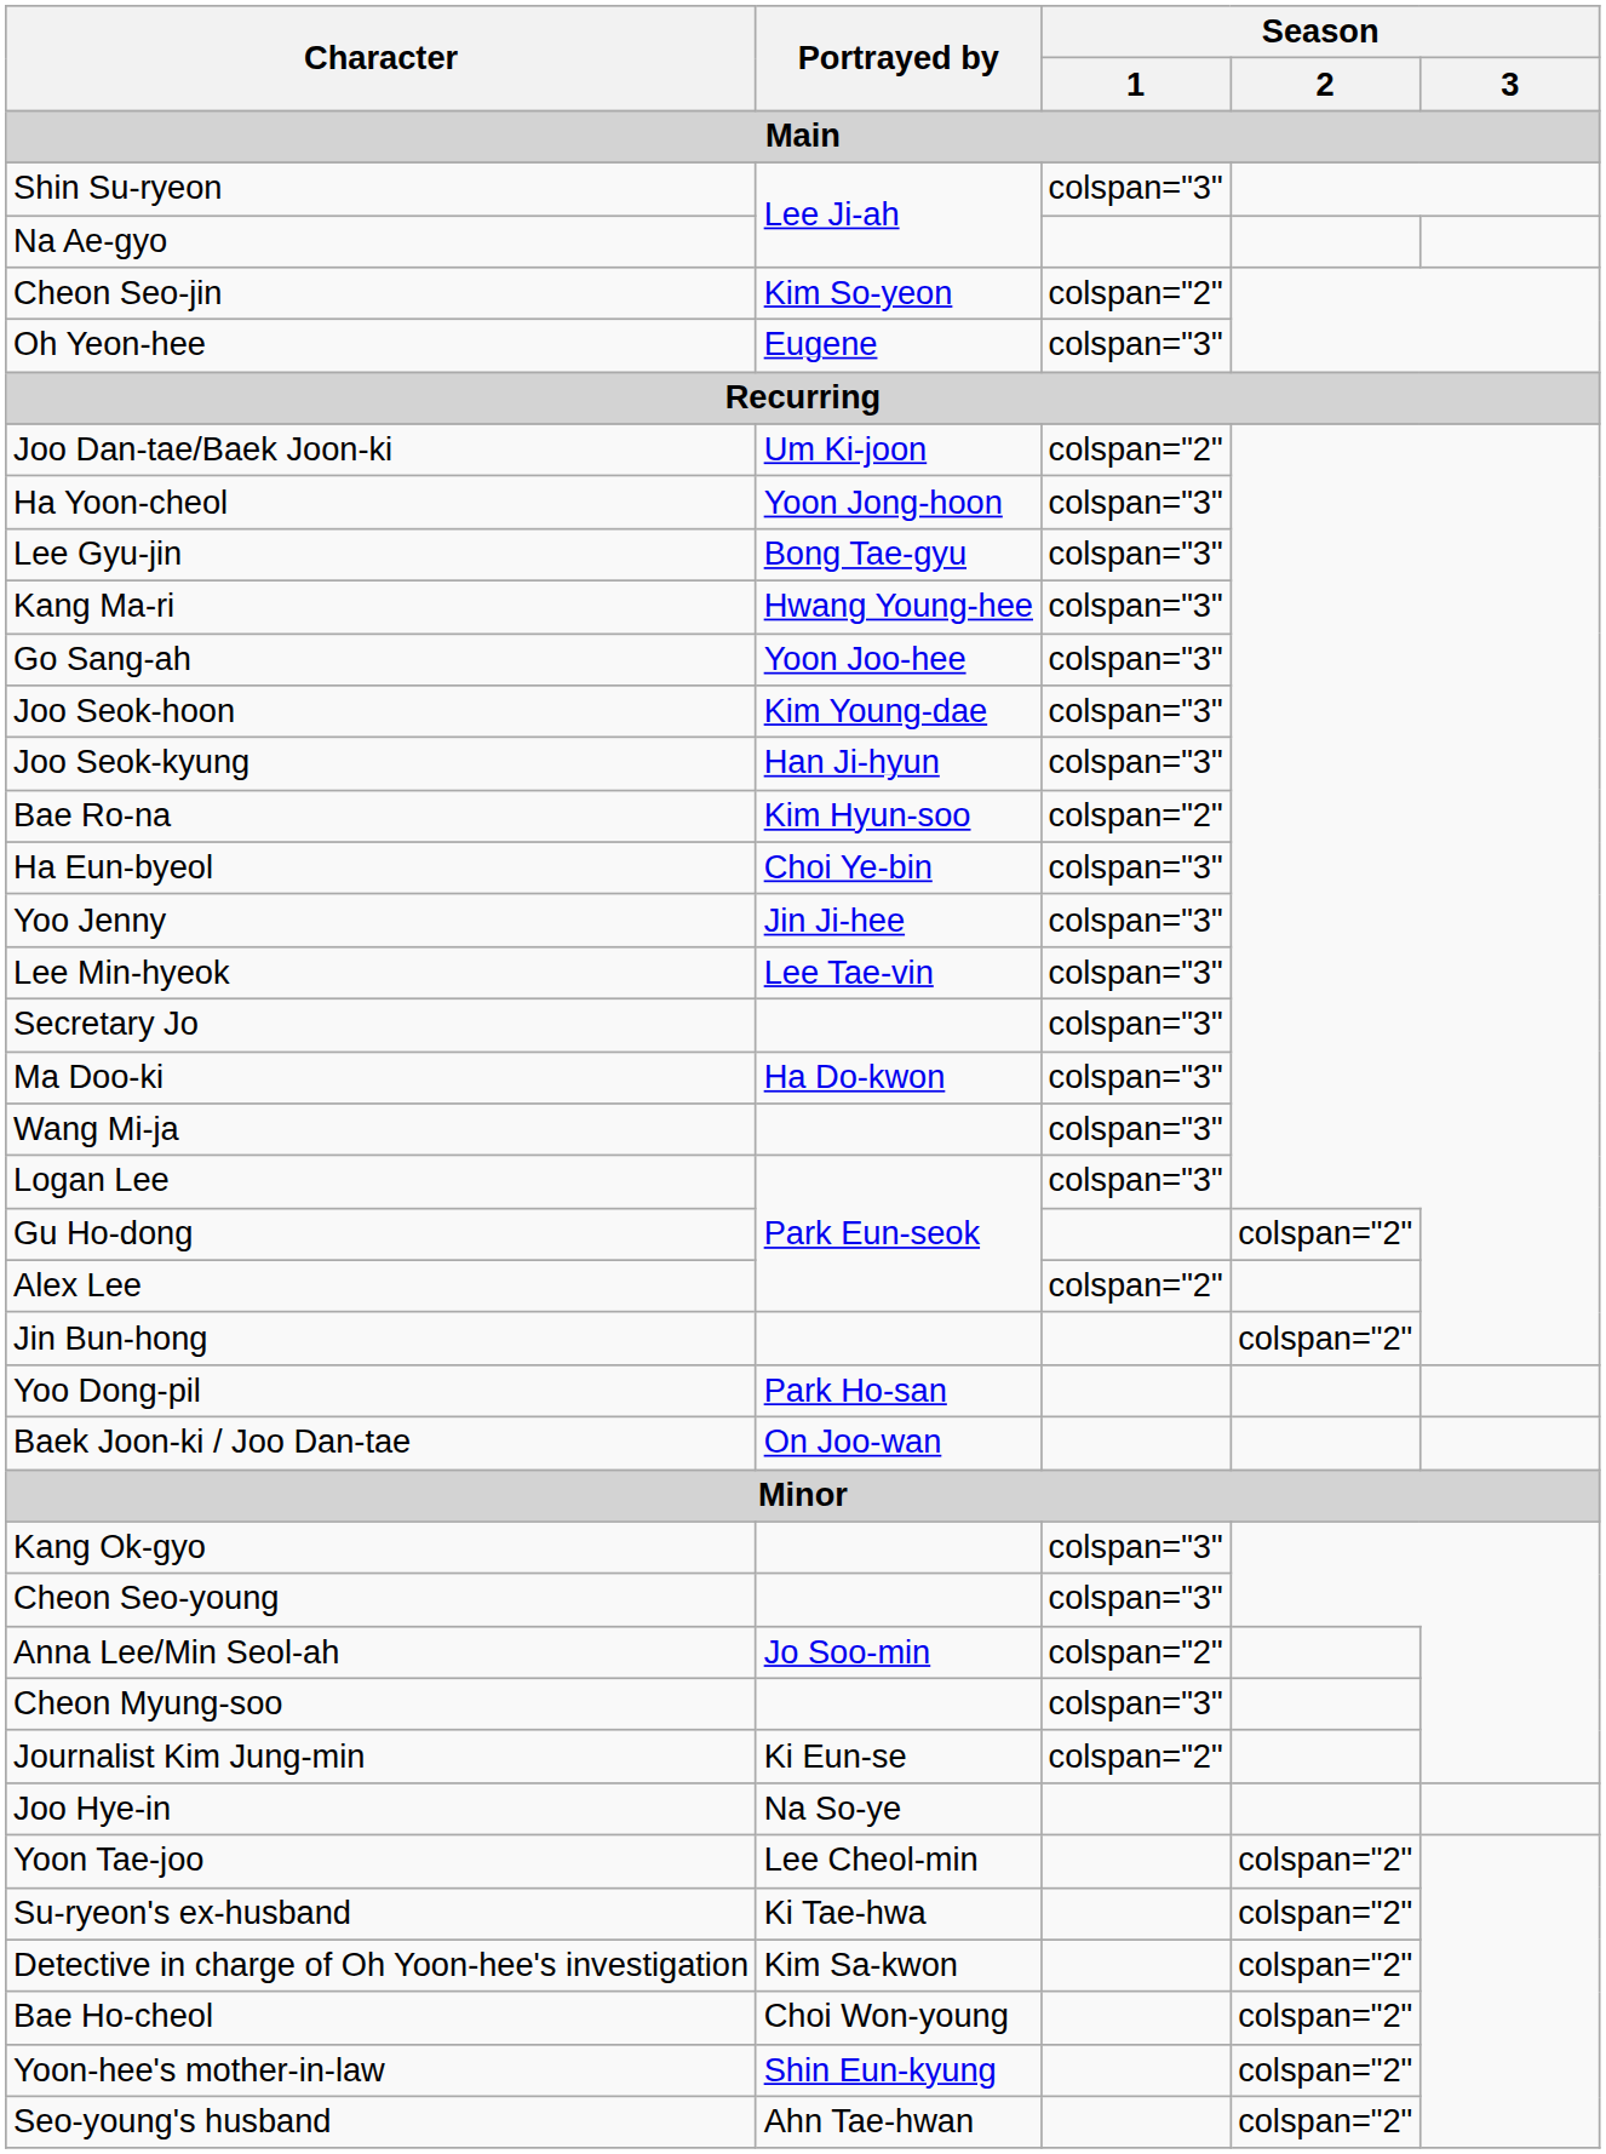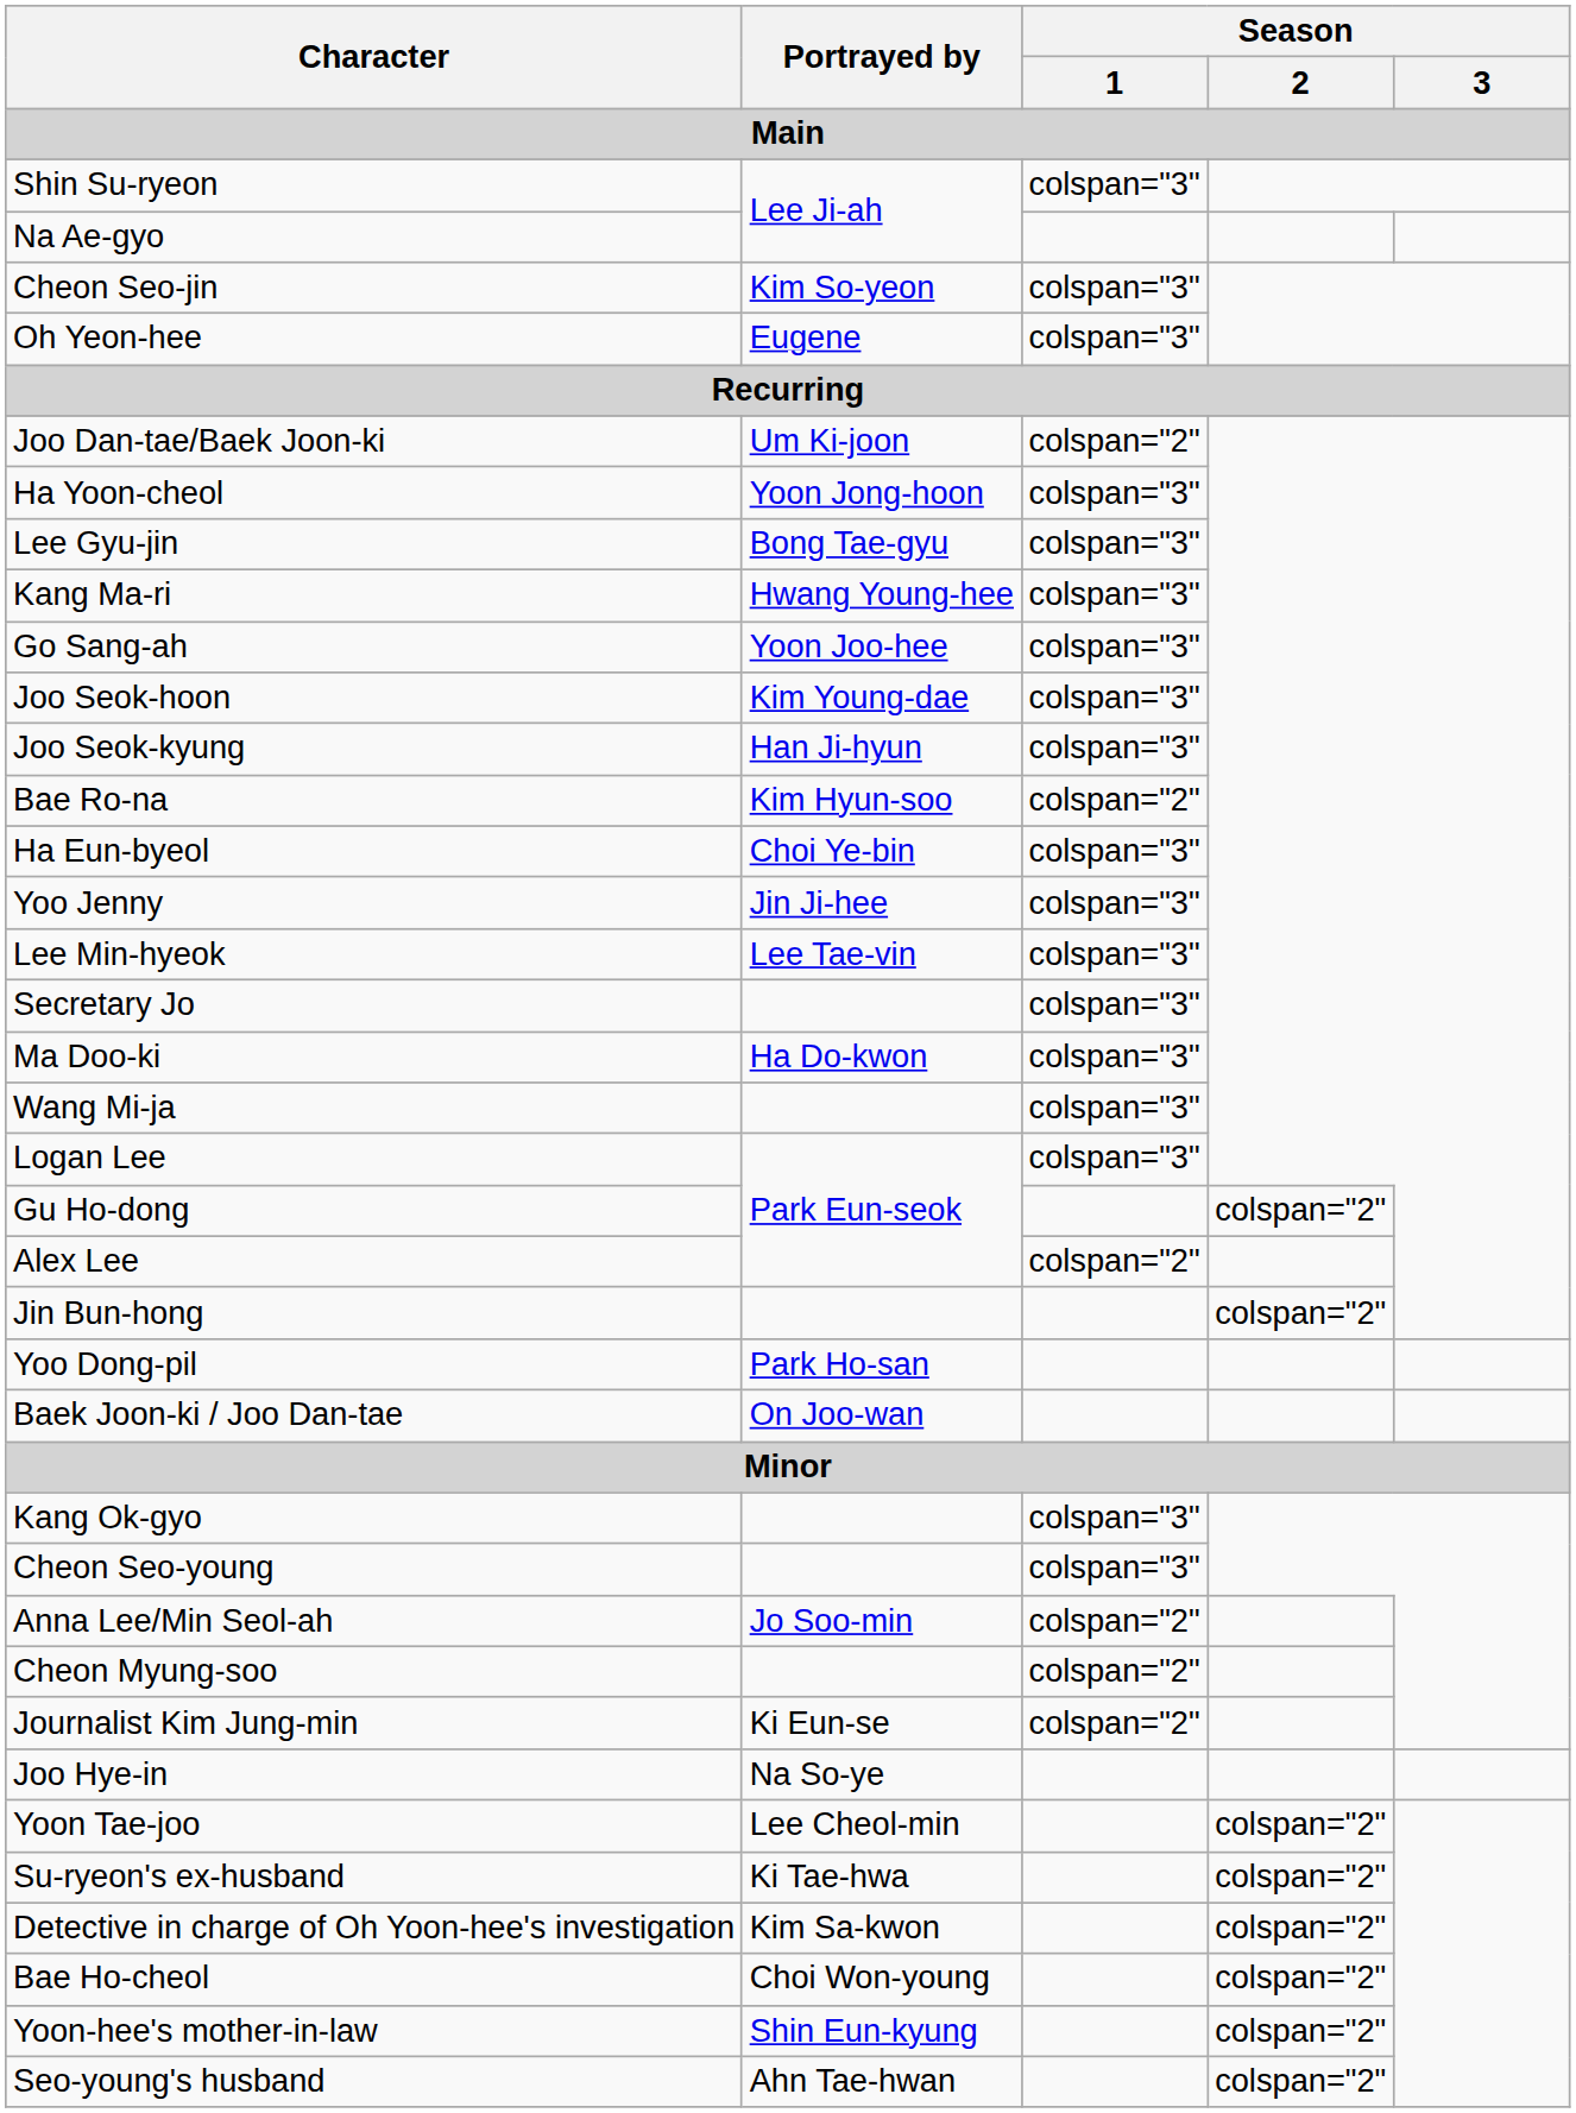 <table class="wikitable" style="table-layout:fixed">
 <tr>
 <th scope="col" rowspan="2">Character</th>
 <th scope="col" rowspan="2">Portrayed by</th>
 <th scope="col" colspan="3">Season</th>
 </tr>
 <tr>
 <th scope="col" style="width:5em">1</th>
 <th scope="col" style="width:5em">2</th>
 <th scope="col" style="width:5em">3</th>
 </tr>
 <tr>
 <th scope="col" colspan="5" style="background:lightgray">Main</th>
 </tr>
 <tr>
 <td>Shin Su-ryeon</td>
 <td rowspan="2"><a href='#'>Lee Ji-ah</a></td>
 <td>colspan="3" </td>
 </tr>
 <tr>
 <td>Na Ae-gyo</td>
 <td></td>
 <td></td>
 <td></td>
 </tr>
 <tr>
 <td>Cheon Seo-jin</td>
 <td><a href='#'>Kim So-yeon</a></td>
-<td>colspan="2" </td>
+<td>colspan="3" </td>
 </tr>
 <tr>
 <td>Oh Yeon-hee</td>
 <td><a href='#'>Eugene</a></td>
 <td>colspan="3" </td>
 </tr>
 <tr>
 <th scope="col" colspan="5" style="background:lightgray">Recurring</th>
 </tr>
 <tr>
 <td>Joo Dan-tae/Baek Joon-ki</td>
 <td><a href='#'>Um Ki-joon</a></td>
 <td>colspan="2" </td>
 </tr>
 <tr>
 <td>Ha Yoon-cheol</td>
 <td><a href='#'>Yoon Jong-hoon</a></td>
 <td>colspan="3" </td>
 </tr>
 <tr>
 <td>Lee Gyu-jin</td>
 <td><a href='#'>Bong Tae-gyu</a></td>
 <td>colspan="3" </td>
 </tr>
 <tr>
 <td>Kang Ma-ri</td>
 <td><a href='#'>Hwang Young-hee</a></td>
 <td>colspan="3" </td>
 </tr>
 <tr>
 <td>Go Sang-ah</td>
 <td><a href='#'>Yoon Joo-hee</a></td>
 <td>colspan="3" </td>
 </tr>
 <tr>
 <td>Joo Seok-hoon</td>
 <td><a href='#'>Kim Young-dae</a></td>
 <td>colspan="3" </td>
 </tr>
 <tr>
 <td>Joo Seok-kyung</td>
 <td><a href='#'>Han Ji-hyun</a></td>
 <td>colspan="3" </td>
 </tr>
 <tr>
 <td>Bae Ro-na</td>
 <td><a href='#'>Kim Hyun-soo</a></td>
 <td>colspan="2" </td>
 </tr>
 <tr>
 <td>Ha Eun-byeol</td>
 <td><a href='#'>Choi Ye-bin</a></td>
 <td>colspan="3" </td>
 </tr>
 <tr>
 <td>Yoo Jenny</td>
 <td><a href='#'>Jin Ji-hee</a></td>
 <td>colspan="3" </td>
 </tr>
 <tr>
 <td>Lee Min-hyeok</td>
 <td><a href='#'>Lee Tae-vin</a></td>
 <td>colspan="3" </td>
 </tr>
 <tr>
 <td>Secretary Jo</td>
 <td></td>
 <td>colspan="3" </td>
 </tr>
 <tr>
 <td>Ma Doo-ki</td>
 <td><a href='#'>Ha Do-kwon</a></td>
 <td>colspan="3" </td>
 </tr>
 <tr>
 <td>Wang Mi-ja</td>
 <td></td>
 <td>colspan="3" </td>
 </tr>
 <tr>
 <td>Logan Lee</td>
 <td rowspan="3"><a href='#'>Park Eun-seok</a></td>
 <td>colspan="3" </td>
 </tr>
 <tr>
 <td>Gu Ho-dong</td>
 <td></td>
 <td>colspan="2" </td>
 </tr>
 <tr>
 <td>Alex Lee</td>
 <td>colspan="2" </td>
 <td></td>
 </tr>
 <tr>
 <td>Jin Bun-hong</td>
 <td></td>
 <td></td>
 <td>colspan="2" </td>
 </tr>
 <tr>
 <td>Yoo Dong-pil</td>
 <td><a href='#'>Park Ho-san</a></td>
 <td></td>
 <td></td>
 <td></td>
 </tr>
 <tr>
 <td>Baek Joon-ki / Joo Dan-tae</td>
 <td><a href='#'>On Joo-wan</a></td>
 <td></td>
 <td></td>
 <td></td>
 </tr>
 <tr>
 <th scope="col" colspan="5" style="background:lightgray">Minor<br></th>
 </tr>
 <tr>
 <td>Kang Ok-gyo</td>
 <td></td>
 <td>colspan="3" </td>
 </tr>
 <tr>
 <td>Cheon Seo-young</td>
 <td></td>
 <td>colspan="3" </td>
 </tr>
 <tr>
 <td>Anna Lee/Min Seol-ah</td>
 <td><a href='#'>Jo Soo-min</a></td>
 <td>colspan="2" </td>
 <td></td>
 </tr>
 <tr>
 <td>Cheon Myung-soo</td>
 <td></td>
-<td>colspan="3" </td>
+<td>colspan="2" </td>
 <td></td>
 </tr>
 <tr>
 <td>Journalist Kim Jung-min</td>
 <td>Ki Eun-se</td>
 <td>colspan="2" </td>
 <td></td>
 </tr>
 <tr>
 <td>Joo Hye-in</td>
 <td>Na So-ye</td>
 <td></td>
 <td></td>
 <td></td>
 </tr>
 <tr>
 <td>Yoon Tae-joo</td>
 <td>Lee Cheol-min</td>
 <td></td>
 <td>colspan="2" </td>
 </tr>
 <tr>
 <td>Su-ryeon's ex-husband</td>
 <td>Ki Tae-hwa</td>
 <td></td>
 <td>colspan="2" </td>
 </tr>
 <tr>
 <td>Detective in charge of Oh Yoon-hee's investigation</td>
 <td>Kim Sa-kwon</td>
 <td></td>
 <td>colspan="2" </td>
 </tr>
 <tr>
 <td>Bae Ho-cheol</td>
 <td>Choi Won-young</td>
 <td></td>
 <td>colspan="2" </td>
 </tr>
 <tr>
 <td>Yoon-hee's mother-in-law</td>
 <td><a href='#'>Shin Eun-kyung</a></td>
 <td></td>
 <td>colspan="2" </td>
 </tr>
 <tr>
 <td>Seo-young's husband</td>
 <td>Ahn Tae-hwan</td>
 <td></td>
 <td>colspan="2" </td>
 </tr>
 </table>
